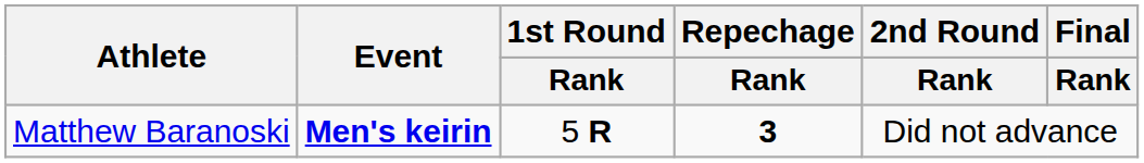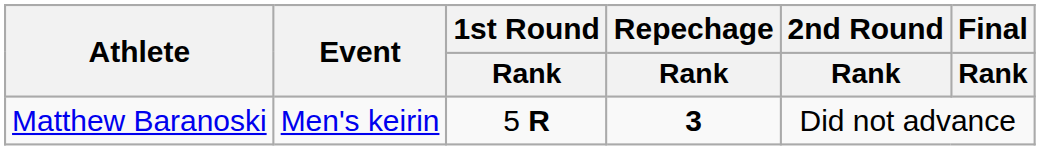 <table class=wikitable style=font-size:90%;text-align:center>
 <tr>
 <th rowspan=2>Athlete</th>
 <th rowspan=2>Event</th>
 <th>1st Round</th>
 <th>Repechage</th>
 <th>2nd Round</th>
 <th>Final</th>
 </tr>
 <tr style=font-size:95%>
 <th>Rank</th>
 <th>Rank</th>
 <th>Rank</th>
 <th>Rank</th>
 </tr>
 <tr>
 <td align=left><a href='#'>Matthew Baranoski</a></td>
-<td align=left><strong><a href='#'>Men's keirin</a></strong></td>
+<td align=left><a href='#'>Men's keirin</a></td>
 <td>5 <strong>R</strong></td>
 <td><strong>3</strong></td>
 <td colspan=2>Did not advance</td>
 </tr>
 </table>
